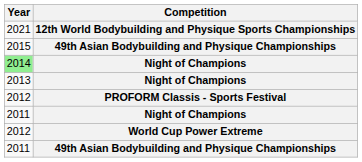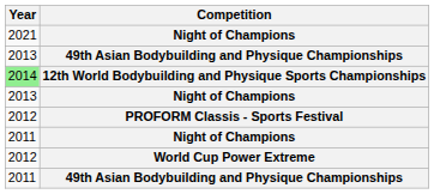 <table class="wikitable">
 <tr>
 <th>Year</th>
 <th>Competition</th>
 </tr>
 <tr>
 <td>2021</td>
-<th>12th World Bodybuilding and Physique Sports Championships</th>
+<th>Night of Champions</th>
 </tr>
 <tr>
-<td>2015</td>
+<td>2013</td>
 <th>49th Asian Bodybuilding and Physique Championships</th>
 </tr>
 <tr>
 <td style="background: lightgreen;">2014</td>
-<th>Night of Champions</th>
+<th>12th World Bodybuilding and Physique Sports Championships</th>
 </tr>
 <tr>
 <td>2013</td>
 <th>Night of Champions</th>
 </tr>
 <tr>
 <td>2012</td>
 <th>PROFORM Classis - Sports Festival</th>
 </tr>
 <tr>
 <td>2011</td>
 <th>Night of Champions</th>
 </tr>
 <tr>
 <td>2012</td>
 <th>World Cup Power Extreme</th>
 </tr>
 <tr>
 <td>2011</td>
 <th>49th Asian Bodybuilding and Physique Championships</th>
 </tr>
 </table>
